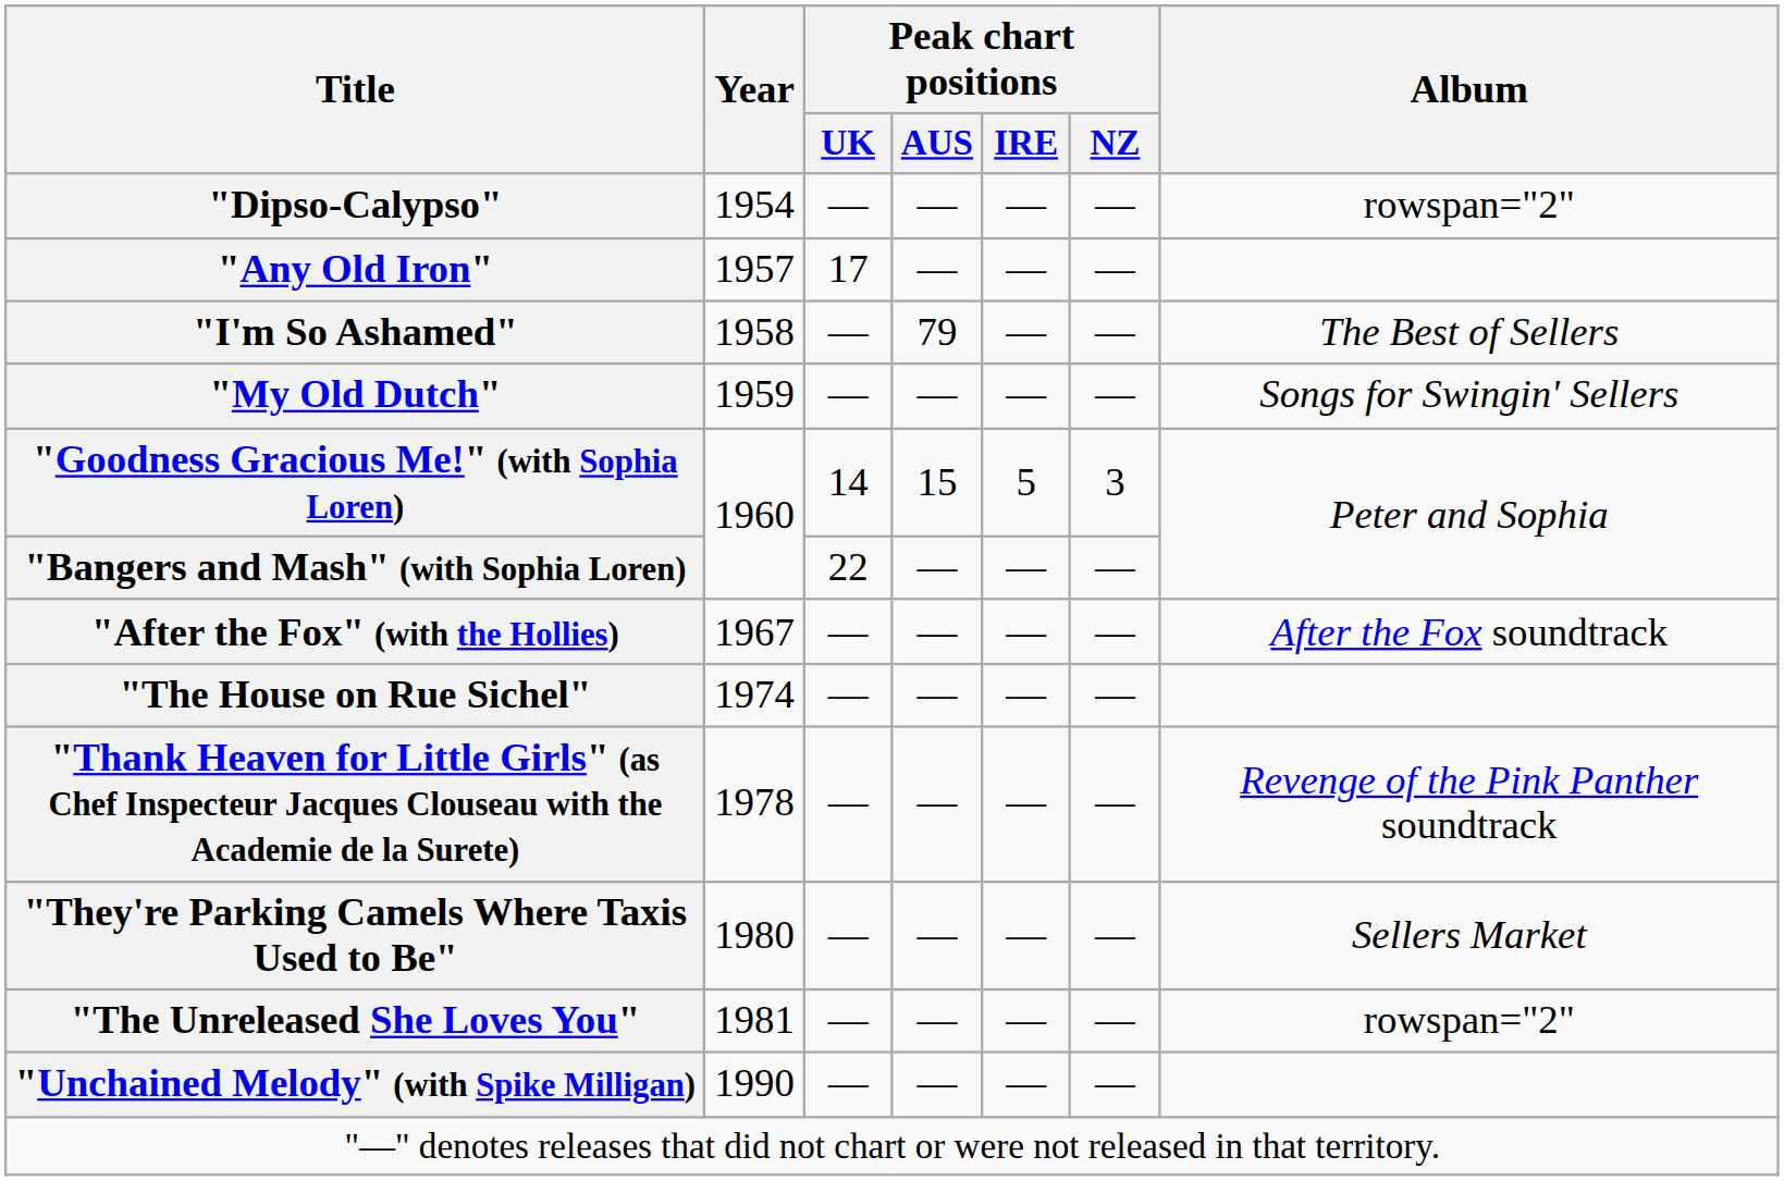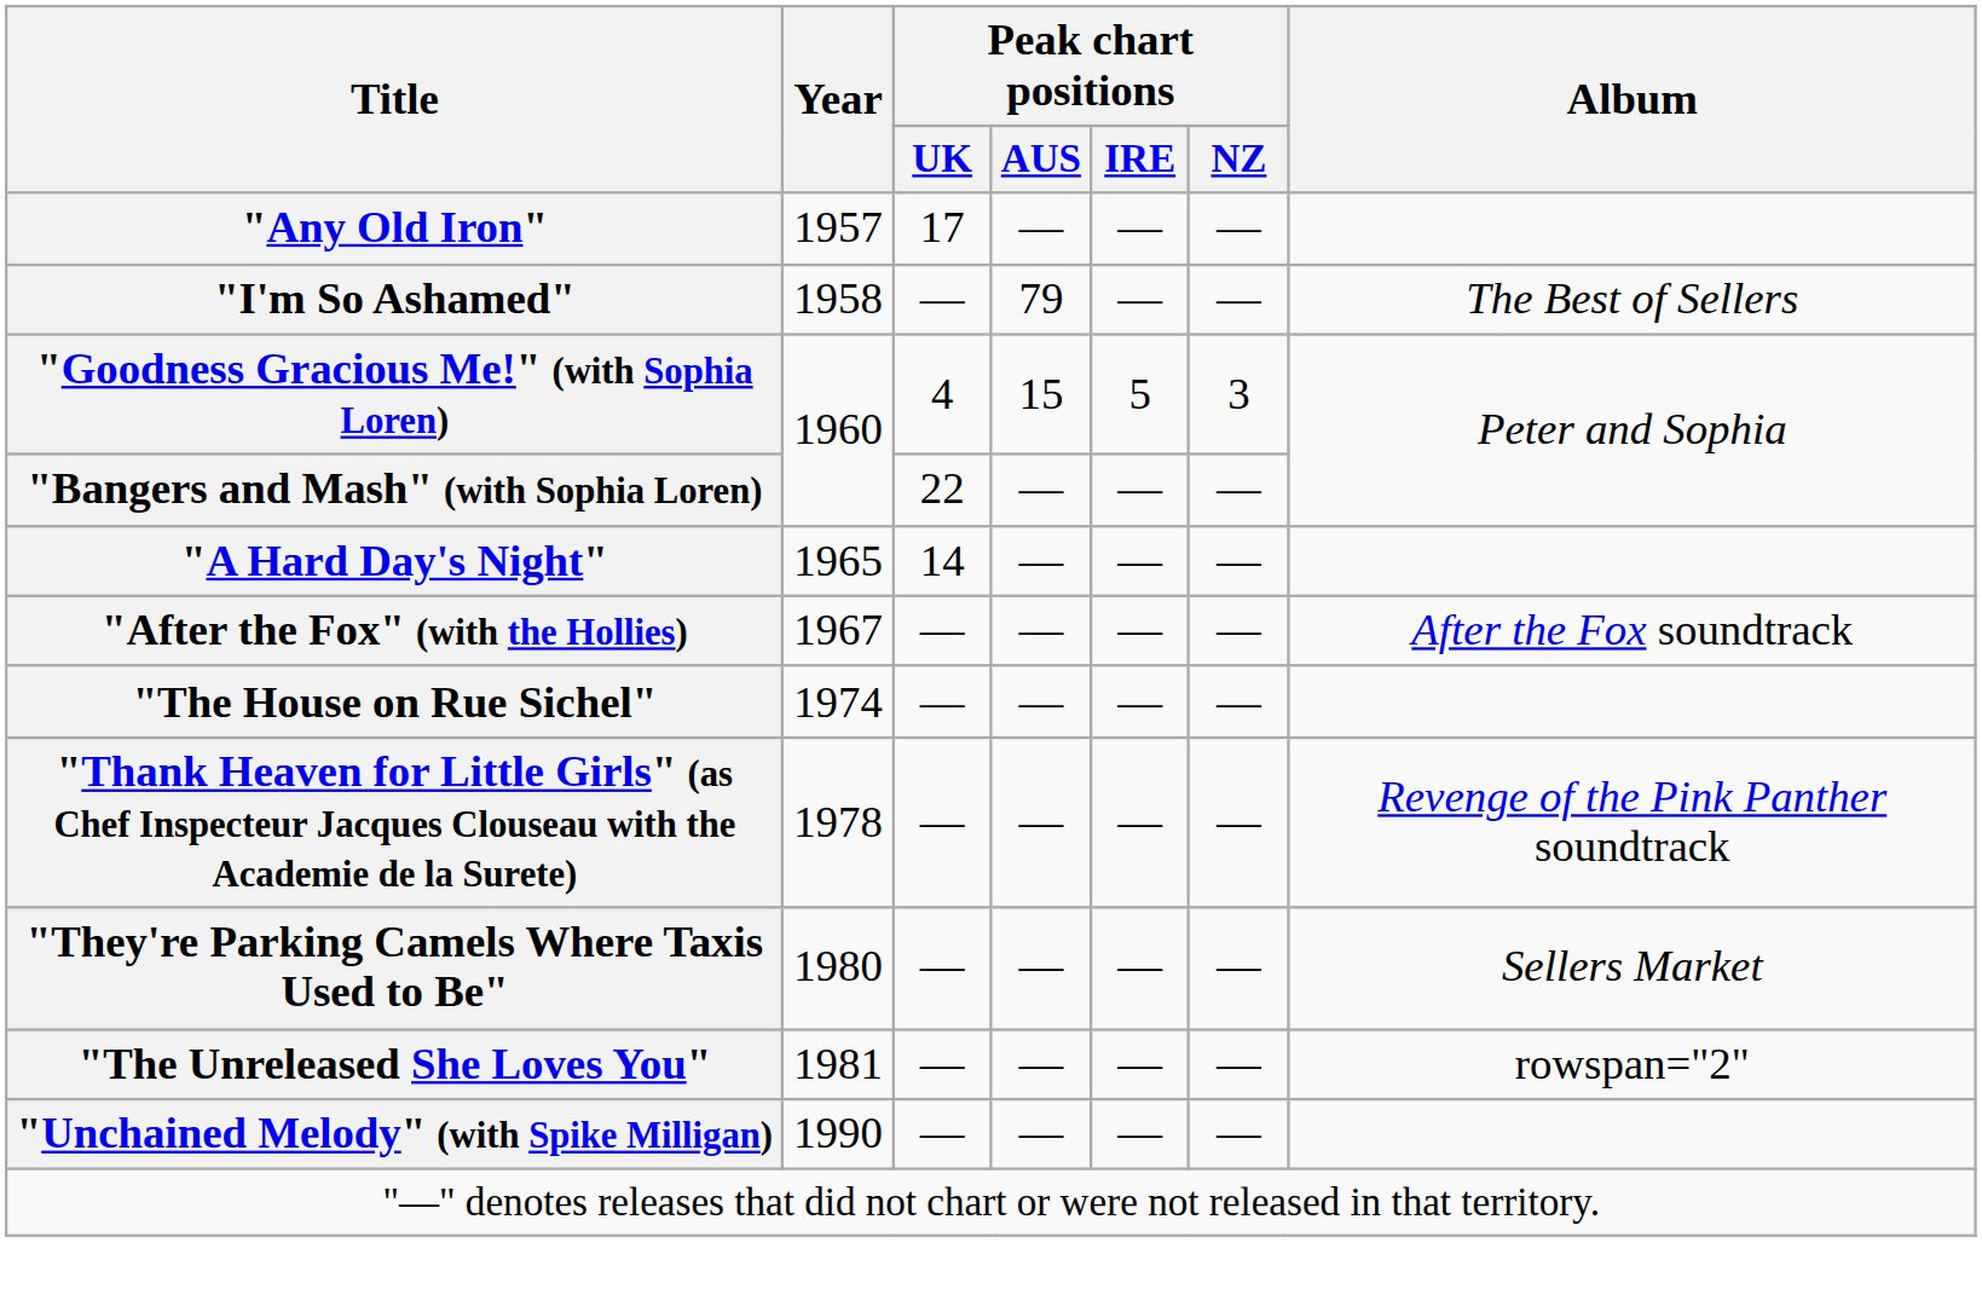 <table class="wikitable plainrowheaders" style="text-align:center;">
 <tr>
 <th rowspan="2" scope="col" style="width:17em;">Title</th>
 <th rowspan="2" scope="col" style="width:2em;">Year</th>
 <th colspan="4">Peak chart positions</th>
 <th rowspan="2" style="width:15em;">Album</th>
 </tr>
 <tr>
 <th scope="col" style="width:2em;font-size:90%;"><a href='#'>UK</a><br></th>
 <th scope="col" style="width:2em;font-size:90%;"><a href='#'>AUS</a><br></th>
 <th scope="col" style="width:2em;font-size:90%;"><a href='#'>IRE</a><br></th>
 <th scope="col" style="width:2em;font-size:90%;"><a href='#'>NZ</a><br></th>
-</tr>
-<tr>
-<th scope="row">"Dipso-Calypso"</th>
-<td>1954</td>
-<td>—</td>
-<td>—</td>
-<td>—</td>
-<td>—</td>
-<td>rowspan="2" </td>
 </tr>
 <tr>
 <th scope="row">"<a href='#'>Any Old Iron</a>"</th>
 <td>1957</td>
 <td>17</td>
 <td>—</td>
 <td>—</td>
 <td>—</td>
 </tr>
 <tr>
 <th scope="row">"I'm So Ashamed"</th>
 <td>1958</td>
 <td>—</td>
 <td>79</td>
 <td>—</td>
 <td>—</td>
 <td><em>The Best of Sellers</em></td>
 </tr>
 <tr>
-<th scope="row">"<a href='#'>My Old Dutch</a>"</th>
-<td>1959</td>
-<td>—</td>
-<td>—</td>
-<td>—</td>
-<td>—</td>
-<td><em>Songs for Swingin' Sellers</em></td>
-</tr>
-<tr>
 <th scope="row">"<a href='#'>Goodness Gracious Me!</a>" <small>(with <a href='#'>Sophia Loren</a>)</small></th>
 <td rowspan="2">1960</td>
-<td>14</td>
+<td>4</td>
 <td>15</td>
 <td>5</td>
 <td>3</td>
 <td rowspan="2"><em>Peter and Sophia</em></td>
 </tr>
 <tr>
 <th scope="row">"Bangers and Mash" <small>(with Sophia Loren)</small></th>
 <td>22</td>
 <td>—</td>
 <td>—</td>
 <td>—</td>
+</tr>
+<tr>
+<th scope="row">"<a href='#'>A Hard Day's Night</a>"</th>
+<td>1965</td>
+<td>14</td>
+<td>—</td>
+<td>—</td>
+<td>—</td>
+<td></td>
 </tr>
 <tr>
 <th scope="row">"After the Fox" <small>(with <a href='#'>the Hollies</a>)</small></th>
 <td>1967</td>
 <td>—</td>
 <td>—</td>
 <td>—</td>
 <td>—</td>
 <td><em><a href='#'>After the Fox</a></em> soundtrack</td>
 </tr>
 <tr>
 <th scope="row">"The House on Rue Sichel"</th>
 <td>1974</td>
 <td>—</td>
 <td>—</td>
 <td>—</td>
 <td>—</td>
 <td></td>
 </tr>
 <tr>
 <th scope="row">"<a href='#'>Thank Heaven for Little Girls</a>" <small>(as Chef Inspecteur Jacques Clouseau with the Academie de la Surete)</small></th>
 <td>1978</td>
 <td>—</td>
 <td>—</td>
 <td>—</td>
 <td>—</td>
 <td><em><a href='#'>Revenge of the Pink Panther</a></em> soundtrack</td>
 </tr>
 <tr>
 <th scope="row">"They're Parking Camels Where Taxis Used to Be"</th>
 <td>1980</td>
 <td>—</td>
 <td>—</td>
 <td>—</td>
 <td>—</td>
 <td><em>Sellers Market</em></td>
 </tr>
 <tr>
 <th scope="row">"The Unreleased <a href='#'>She Loves You</a>"</th>
 <td>1981</td>
 <td>—</td>
 <td>—</td>
 <td>—</td>
 <td>—</td>
 <td>rowspan="2" </td>
 </tr>
 <tr>
 <th scope="row">"<a href='#'>Unchained Melody</a>" <small>(with <a href='#'>Spike Milligan</a>)</small></th>
 <td>1990</td>
 <td>—</td>
 <td>—</td>
 <td>—</td>
 <td>—</td>
 </tr>
 <tr>
 <td colspan="7" style="font-size:90%">"—" denotes releases that did not chart or were not released in that territory.</td>
 </tr>
 </table>
